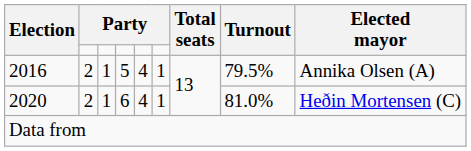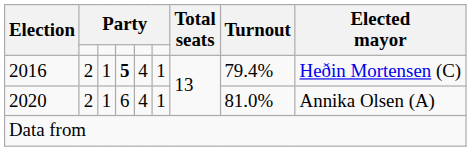 <table class="wikitable">
 <tr>
 <th rowspan="2">Election</th>
 <th colspan="5">Party</th>
 <th rowspan="2">Total<br>seats</th>
 <th rowspan="2">Turnout</th>
 <th rowspan="2">Elected<br>mayor</th>
 </tr>
 <tr>
 <td style="background:"><strong><a href='#'></a></strong></td>
 <td style="background:"><strong><a href='#'></a></strong></td>
 <td style="background:"><strong><a href='#'></a></strong></td>
 <td style="background:"><strong><a href='#'></a></strong></td>
 <td style="background:"><strong><a href='#'></a></strong></td>
 </tr>
 <tr>
 <td>2016</td>
 <td>2</td>
 <td>1</td>
-<td>5</td>
+<td><strong>5</strong></td>
 <td>4</td>
 <td>1</td>
 <td rowspan="2">13</td>
-<td>79.5%</td>
-<td rowspan="1">Annika Olsen (A)</td>
+<td>79.4%</td>
+<td rowspan="1"><a href='#'>Heðin Mortensen</a> (C)</td>
 </tr>
 <tr>
 <td>2020</td>
 <td>2</td>
 <td>1</td>
 <td>6</td>
 <td>4</td>
 <td>1</td>
 <td>81.0%</td>
-<td rowspan="1"><a href='#'>Heðin Mortensen</a> (C)</td>
+<td rowspan="1">Annika Olsen (A)</td>
 </tr>
 <tr>
 <td colspan="14">Data from </td>
 </tr>
 </table>
